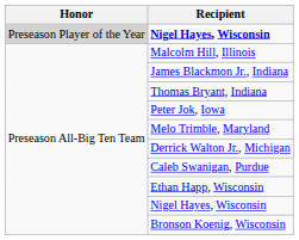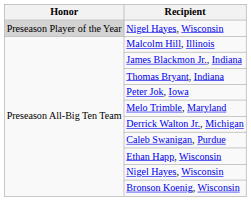 <table class="wikitable" border="1">
 <tr>
 <th>Honor</th>
 <th>Recipient</th>
 </tr>
 <tr>
 <td style="background: lightgrey;">Preseason Player of the Year</td>
-<td><strong><a href='#'>Nigel Hayes</a>, <a href='#'>Wisconsin</a></strong></td>
+<td><a href='#'>Nigel Hayes</a>, <a href='#'>Wisconsin</a></td>
 </tr>
 <tr>
 <td rowspan=10 valign=middle>Preseason All-Big Ten Team</td>
 <td><a href='#'>Malcolm Hill</a>, <a href='#'>Illinois</a></td>
 </tr>
 <tr>
 <td><a href='#'>James Blackmon Jr.</a>, <a href='#'>Indiana</a></td>
 </tr>
 <tr>
 <td><a href='#'>Thomas Bryant</a>, <a href='#'>Indiana</a></td>
 </tr>
 <tr>
 <td><a href='#'>Peter Jok</a>, <a href='#'>Iowa</a></td>
 </tr>
 <tr>
 <td><a href='#'>Melo Trimble</a>, <a href='#'>Maryland</a></td>
 </tr>
 <tr>
 <td><a href='#'>Derrick Walton Jr.</a>, <a href='#'>Michigan</a></td>
 </tr>
 <tr>
 <td><a href='#'>Caleb Swanigan</a>, <a href='#'>Purdue</a></td>
 </tr>
 <tr>
 <td><a href='#'>Ethan Happ</a>, <a href='#'>Wisconsin</a></td>
 </tr>
 <tr>
 <td><a href='#'>Nigel Hayes</a>, <a href='#'>Wisconsin</a></td>
 </tr>
 <tr>
 <td><a href='#'>Bronson Koenig</a>, <a href='#'>Wisconsin</a></td>
 </tr>
 </table>
